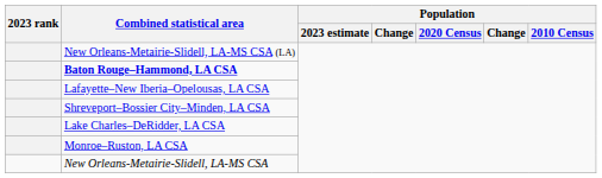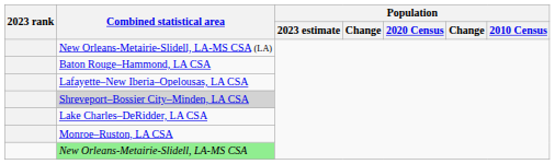 <table class="wikitable sortable">
 <tr>
 <th scope=col rowspan=2>2023 rank</th>
 <th scope=col rowspan=2><a href='#'>Combined statistical area</a></th>
 <th colspan=5>Population</th>
 </tr>
 <tr>
 <th scope=col>2023 estimate</th>
 <th scope=col>Change</th>
 <th scope=col><a href='#'>2020 Census</a></th>
 <th scope=col>Change</th>
 <th scope=col><a href='#'>2010 Census</a></th>
 </tr>
 <tr>
 <th scope=row></th>
 <td><a href='#'>New Orleans-Metairie-Slidell, LA-MS CSA</a> <small>(LA)</small><br></td>
 </tr>
 <tr>
 <th scope=row></th>
-<td><strong><a href='#'>Baton Rouge–Hammond, LA CSA</a><br></strong></td>
+<td><a href='#'>Baton Rouge–Hammond, LA CSA</a><br></td>
 </tr>
 <tr>
 <th scope=row></th>
 <td><a href='#'>Lafayette–New Iberia–Opelousas, LA CSA</a><br></td>
 </tr>
 <tr>
 <th scope=row></th>
-<td><a href='#'>Shreveport–Bossier City–Minden, LA CSA</a><br></td>
+<td style="background: lightgrey;"><a href='#'>Shreveport–Bossier City–Minden, LA CSA</a><br></td>
 </tr>
 <tr>
 <th scope=row></th>
 <td><a href='#'>Lake Charles–DeRidder, LA CSA</a><br></td>
 </tr>
 <tr>
 <th scope=row></th>
 <td><a href='#'>Monroe–Ruston, LA CSA</a><br></td>
 </tr>
 <tr>
 <td></td>
-<td><em><span>New Orleans-Metairie-Slidell, LA-MS CSA</span></em><br></td>
+<td style="background: lightgreen;"><em><span>New Orleans-Metairie-Slidell, LA-MS CSA</span></em><br></td>
 </tr>
 </table>
